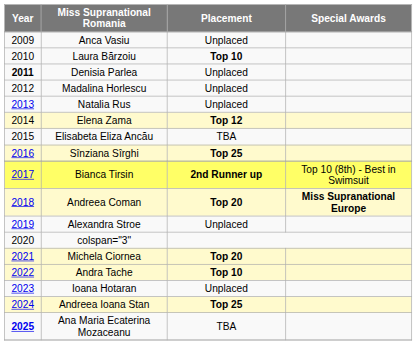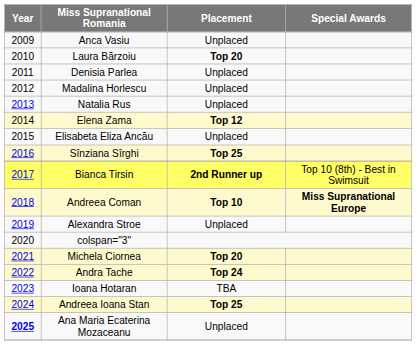 <table class="wikitable sortable" style="font-size: 95%; text-align:center">
 <tr>
 <th width="60" style="background-color:#787878;color:#FFFFFF;">Year</th>
 <th width="250" style="background-color:#787878;color:#FFFFFF;">Miss Supranational Romania</th>
 <th width="250" style="background-color:#787878;color:#FFFFFF;">Placement</th>
 <th width="250" style="background-color:#787878;color:#FFFFFF;">Special Awards</th>
 </tr>
 <tr style="background-color:#FFFACD;">
 </tr>
 <tr>
 <td>2009</td>
 <td>Anca Vasiu</td>
 <td>Unplaced</td>
 <td></td>
 </tr>
 <tr>
 <td>2010</td>
 <td>Laura Bărzoiu</td>
-<td><strong>Top 10</strong></td>
+<td><strong>Top 20</strong></td>
 <td></td>
 </tr>
 <tr>
-<td><strong>2011</strong></td>
+<td>2011</td>
 <td>Denisia Parlea</td>
 <td>Unplaced</td>
 <td></td>
 </tr>
 <tr>
 <td>2012</td>
 <td>Madalina Horlescu</td>
 <td>Unplaced</td>
 <td></td>
 </tr>
 <tr>
 <td><a href='#'>2013</a></td>
 <td>Natalia Rus</td>
 <td>Unplaced</td>
 <td></td>
 </tr>
 <tr style="background:#FFFACD;">
 <td>2014</td>
 <td>Elena Zama</td>
 <td><strong>Top 12</strong></td>
 <td></td>
 </tr>
 <tr>
 <td>2015</td>
 <td>Elisabeta Eliza Ancău</td>
-<td>TBA</td>
+<td>Unplaced</td>
 <td></td>
 </tr>
 <tr style="background:#FFFACD;">
 <td><a href='#'>2016</a></td>
 <td>Sînziana Sîrghi</td>
 <td><strong>Top 25</strong></td>
 <td></td>
 </tr>
 <tr>
 </tr>
 <tr style="background:#FFFF66;">
 <td><a href='#'>2017</a></td>
 <td>Bianca Tirsin</td>
 <td><strong>2nd Runner up</strong></td>
 <td>Top 10 (8th) - Best in Swimsuit</td>
 </tr>
 <tr style="background:#FFFACD;">
 <td><a href='#'>2018</a></td>
 <td>Andreea Coman</td>
-<td><strong>Top 20</strong></td>
+<td><strong>Top 10</strong></td>
 <td><strong>Miss Supranational Europe</strong></td>
 </tr>
 <tr>
 <td><a href='#'>2019</a></td>
 <td>Alexandra Stroe</td>
 <td>Unplaced</td>
 <td></td>
 </tr>
 <tr>
 <td>2020</td>
 <td>colspan="3" </td>
 </tr>
 <tr style="background:#FFFACD;">
 <td><a href='#'>2021</a></td>
 <td>Michela Ciornea</td>
 <td><strong>Top 20</strong></td>
 <td></td>
 </tr>
 <tr style="background:#FFFACD;">
 <td><a href='#'>2022</a></td>
 <td>Andra Tache</td>
-<td><strong>Top 10</strong></td>
+<td><strong>Top 24</strong></td>
 <td></td>
 </tr>
 <tr>
 <td><a href='#'>2023</a></td>
 <td>Ioana Hotaran</td>
-<td>Unplaced</td>
+<td>TBA</td>
 <td></td>
 </tr>
 <tr style="background:#FFFACD;">
 <td><a href='#'>2024</a></td>
 <td>Andreea Ioana Stan</td>
 <td><strong>Top 25</strong></td>
 <td></td>
 </tr>
 <tr>
 <td><strong><a href='#'>2025</a></strong></td>
 <td>Ana Maria Ecaterina Mozaceanu</td>
-<td>TBA</td>
+<td>Unplaced</td>
 <td></td>
 </tr>
 <tr>
 </tr>
 </table>
